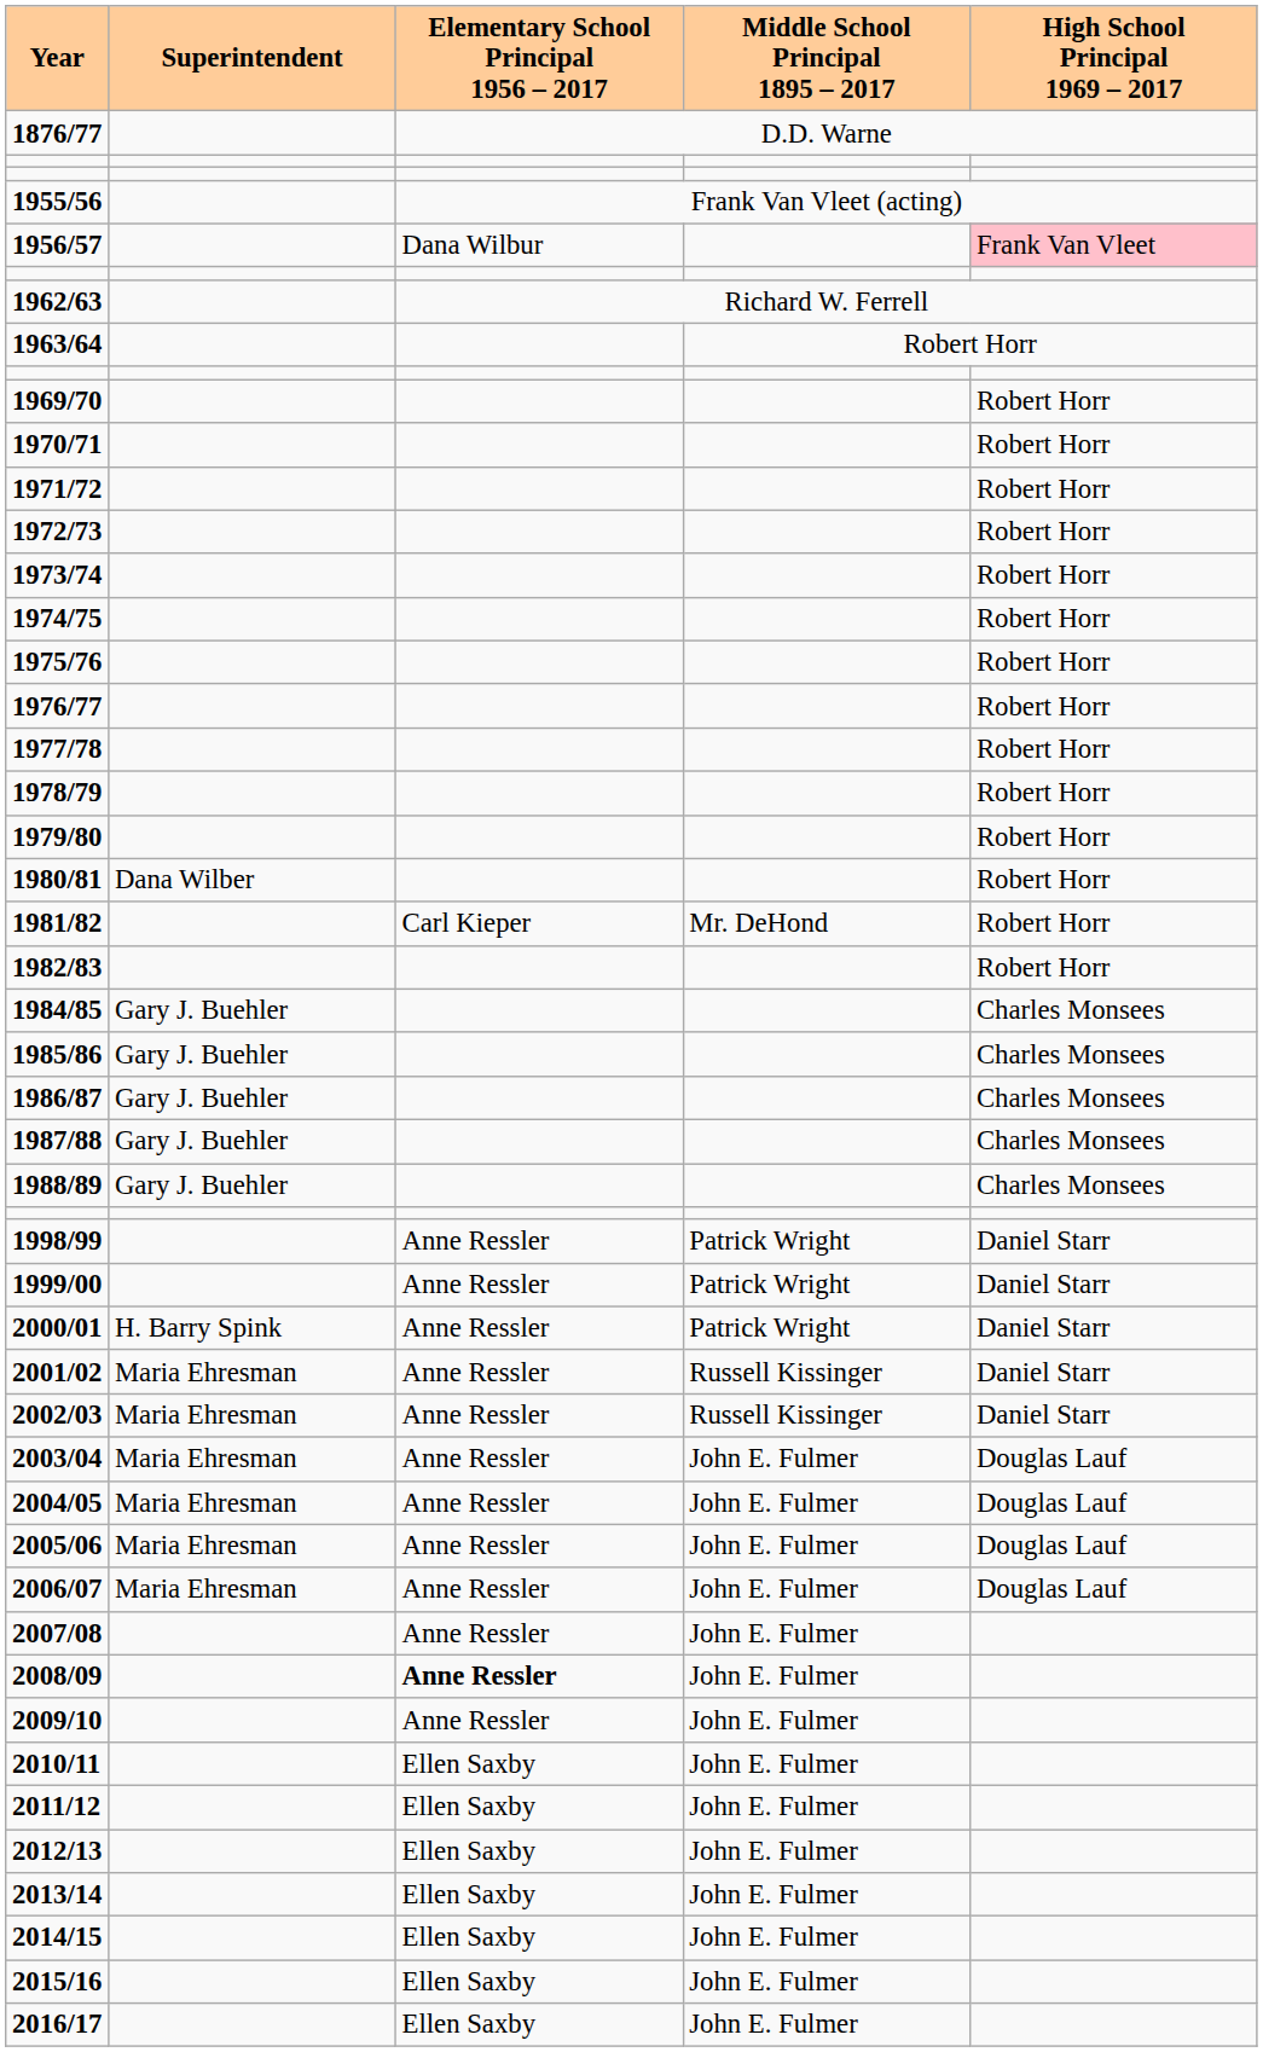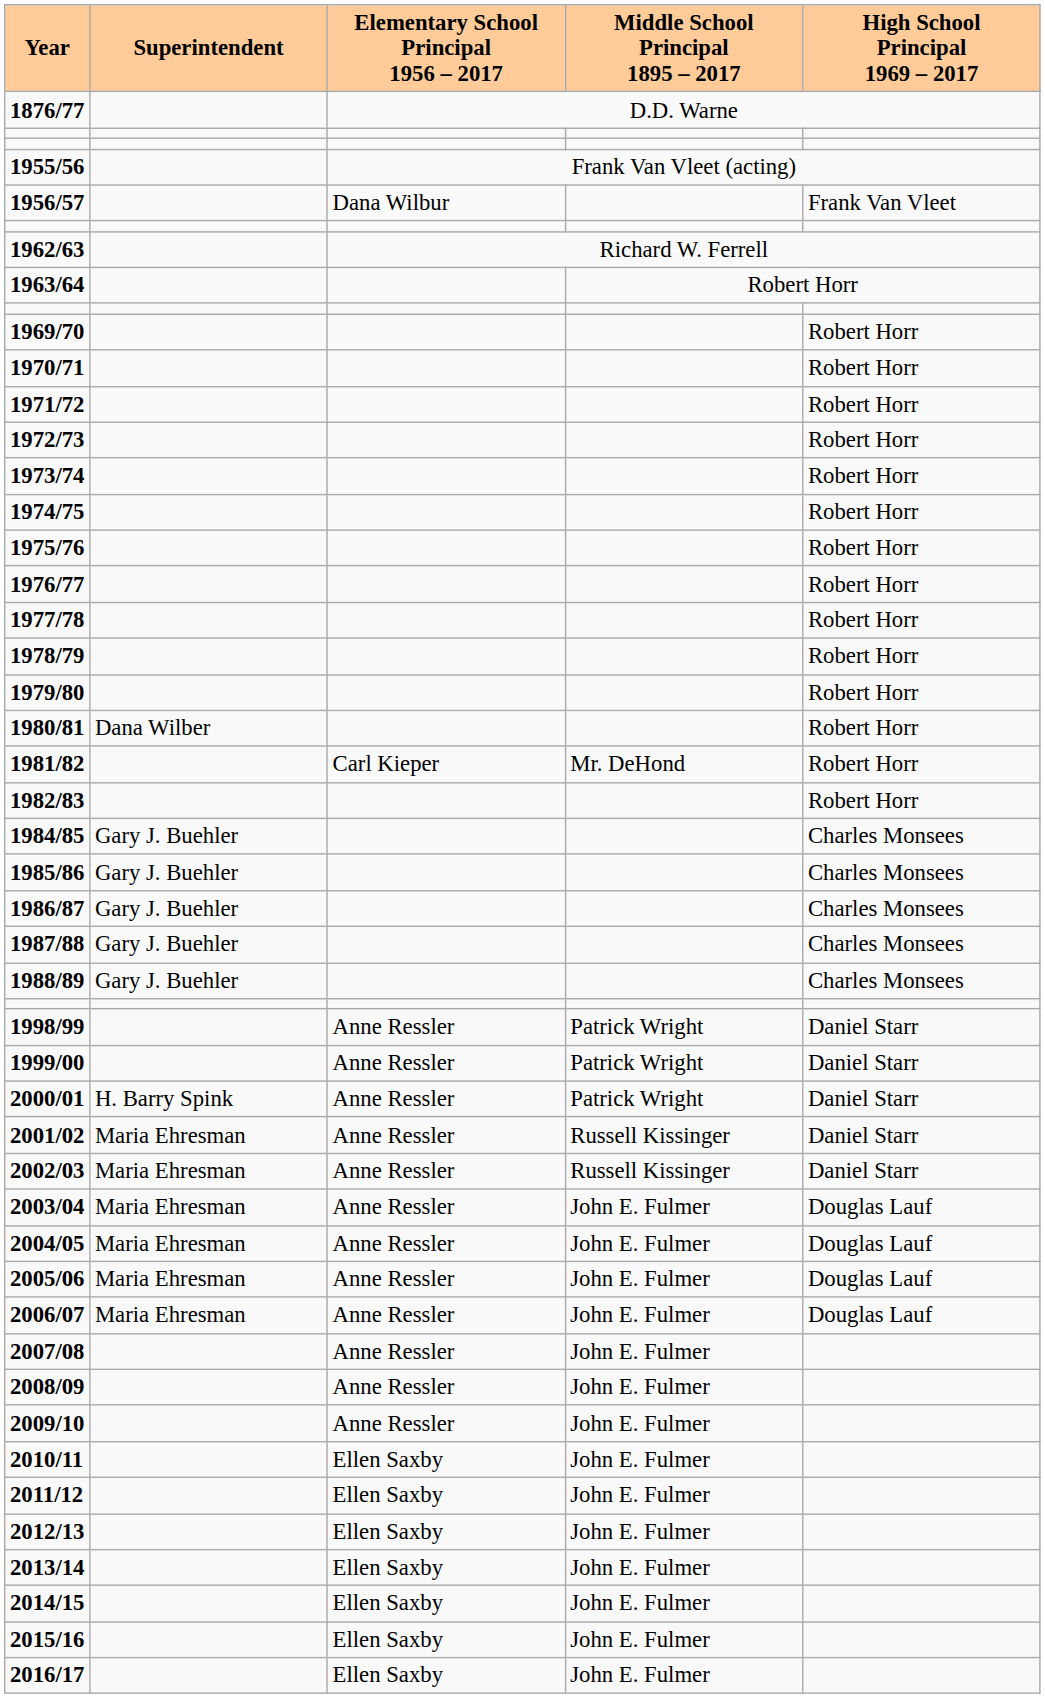 <table class="wikitable">
 <tr>
 <th width="50"  style="background:#FFCC99;">Year</th>
 <th width="160" style="background:#FFCC99;">Superintendent</th>
 <th width="160" style="background:#FFCC99;">Elementary School<br>Principal<br>1956 – 2017</th>
 <th width="160" style="background:#FFCC99;">Middle School<br>Principal<br>1895 – 2017</th>
 <th width="160" style="background:#FFCC99;">High School<br>Principal<br>1969 – 2017</th>
 </tr>
 <tr>
 <td><strong>1876/77</strong></td>
 <td></td>
 <td colspan="3" align="center">D.D. Warne</td>
 </tr>
 <tr>
 <td><strong>       </strong></td>
 <td></td>
 <td></td>
 <td></td>
 <td></td>
 </tr>
 <tr>
 <td><strong> </strong></td>
 <td></td>
 <td></td>
 <td></td>
 <td></td>
 </tr>
 <tr>
 <td><strong>1955/56</strong></td>
 <td></td>
 <td colspan="3" align="center">Frank Van Vleet (acting)</td>
 </tr>
 <tr>
 <td><strong>1956/57</strong></td>
 <td></td>
 <td>Dana Wilbur</td>
 <td></td>
-<td style="background: pink;">Frank Van Vleet</td>
+<td>Frank Van Vleet</td>
 </tr>
 <tr>
 <td><strong> </strong></td>
 <td></td>
 <td></td>
 <td></td>
 <td></td>
 </tr>
 <tr>
 <td><strong>1962/63</strong></td>
 <td></td>
 <td colspan="3" align="center">Richard W. Ferrell</td>
 </tr>
 <tr>
 <td><strong>1963/64</strong></td>
 <td></td>
 <td></td>
 <td colspan="2" align="center">Robert Horr </td>
 </tr>
 <tr>
 <td><strong> </strong></td>
 <td></td>
 <td></td>
 <td></td>
 <td></td>
 </tr>
 <tr>
 <td><strong>1969/70</strong></td>
 <td></td>
 <td></td>
 <td></td>
 <td>Robert Horr</td>
 </tr>
 <tr>
 <td><strong>1970/71</strong></td>
 <td></td>
 <td></td>
 <td></td>
 <td>Robert Horr</td>
 </tr>
 <tr>
 <td><strong>1971/72</strong></td>
 <td></td>
 <td></td>
 <td></td>
 <td>Robert Horr</td>
 </tr>
 <tr>
 <td><strong>1972/73</strong></td>
 <td></td>
 <td></td>
 <td></td>
 <td>Robert Horr</td>
 </tr>
 <tr>
 <td><strong>1973/74</strong></td>
 <td></td>
 <td></td>
 <td></td>
 <td>Robert Horr</td>
 </tr>
 <tr>
 <td><strong>1974/75</strong></td>
 <td></td>
 <td></td>
 <td></td>
 <td>Robert Horr</td>
 </tr>
 <tr>
 <td><strong>1975/76</strong></td>
 <td></td>
 <td></td>
 <td></td>
 <td>Robert Horr</td>
 </tr>
 <tr>
 <td><strong>1976/77</strong></td>
 <td></td>
 <td></td>
 <td></td>
 <td>Robert Horr</td>
 </tr>
 <tr>
 <td><strong>1977/78</strong></td>
 <td></td>
 <td></td>
 <td></td>
 <td>Robert Horr</td>
 </tr>
 <tr>
 <td><strong>1978/79</strong></td>
 <td></td>
 <td></td>
 <td></td>
 <td>Robert Horr</td>
 </tr>
 <tr>
 <td><strong>1979/80</strong></td>
 <td></td>
 <td></td>
 <td></td>
 <td>Robert Horr</td>
 </tr>
 <tr>
 <td><strong>1980/81</strong></td>
 <td>Dana Wilber</td>
 <td></td>
 <td></td>
 <td>Robert Horr</td>
 </tr>
 <tr>
 <td><strong>1981/82</strong></td>
 <td></td>
 <td>Carl Kieper</td>
 <td>Mr. DeHond</td>
 <td>Robert Horr</td>
 </tr>
 <tr>
 <td><strong>1982/83</strong></td>
 <td></td>
 <td></td>
 <td></td>
 <td>Robert Horr</td>
 </tr>
 <tr>
 <td><strong>1984/85</strong></td>
 <td>Gary J. Buehler</td>
 <td></td>
 <td></td>
 <td>Charles Monsees</td>
 </tr>
 <tr>
 <td><strong>1985/86</strong></td>
 <td>Gary J. Buehler</td>
 <td></td>
 <td></td>
 <td>Charles Monsees</td>
 </tr>
 <tr>
 <td><strong>1986/87</strong></td>
 <td>Gary J. Buehler</td>
 <td></td>
 <td></td>
 <td>Charles Monsees</td>
 </tr>
 <tr>
 <td><strong>1987/88</strong></td>
 <td>Gary J. Buehler</td>
 <td></td>
 <td></td>
 <td>Charles Monsees</td>
 </tr>
 <tr>
 <td><strong>1988/89</strong></td>
 <td>Gary J. Buehler</td>
 <td></td>
 <td></td>
 <td>Charles Monsees</td>
 </tr>
 <tr>
 <td><strong> </strong></td>
 <td></td>
 <td></td>
 <td></td>
 <td></td>
 </tr>
 <tr>
 <td><strong>1998/99</strong></td>
 <td></td>
 <td>Anne Ressler</td>
 <td>Patrick Wright</td>
 <td>Daniel Starr</td>
 </tr>
 <tr>
 <td><strong>1999/00</strong></td>
 <td></td>
 <td>Anne Ressler</td>
 <td>Patrick Wright</td>
 <td>Daniel Starr</td>
 </tr>
 <tr>
 <td><strong>2000/01</strong></td>
 <td>H. Barry Spink</td>
 <td>Anne Ressler</td>
 <td>Patrick Wright</td>
 <td>Daniel Starr</td>
 </tr>
 <tr>
 <td><strong>2001/02</strong></td>
 <td>Maria Ehresman</td>
 <td>Anne Ressler</td>
 <td>Russell Kissinger</td>
 <td>Daniel Starr</td>
 </tr>
 <tr>
 <td><strong>2002/03</strong></td>
 <td>Maria Ehresman</td>
 <td>Anne Ressler</td>
 <td>Russell Kissinger</td>
 <td>Daniel Starr</td>
 </tr>
 <tr>
 <td><strong>2003/04</strong></td>
 <td>Maria Ehresman</td>
 <td>Anne Ressler</td>
 <td>John E. Fulmer</td>
 <td>Douglas Lauf</td>
 </tr>
 <tr>
 <td><strong>2004/05</strong></td>
 <td>Maria Ehresman</td>
 <td>Anne Ressler</td>
 <td>John E. Fulmer</td>
 <td>Douglas Lauf</td>
 </tr>
 <tr>
 <td><strong>2005/06</strong></td>
 <td>Maria Ehresman</td>
 <td>Anne Ressler</td>
 <td>John E. Fulmer</td>
 <td>Douglas Lauf</td>
 </tr>
 <tr>
 <td><strong>2006/07</strong></td>
 <td>Maria Ehresman</td>
 <td>Anne Ressler</td>
 <td>John E. Fulmer</td>
 <td>Douglas Lauf</td>
 </tr>
 <tr>
 <td><strong>2007/08</strong></td>
 <td></td>
 <td>Anne Ressler</td>
 <td>John E. Fulmer</td>
 <td></td>
 </tr>
 <tr>
 <td><strong>2008/09</strong></td>
 <td></td>
-<td><strong>Anne Ressler</strong></td>
+<td>Anne Ressler</td>
 <td>John E. Fulmer</td>
 <td></td>
 </tr>
 <tr>
 <td><strong>2009/10</strong></td>
 <td></td>
 <td>Anne Ressler</td>
 <td>John E. Fulmer</td>
 <td></td>
 </tr>
 <tr>
 <td><strong>2010/11</strong></td>
 <td></td>
 <td>Ellen Saxby</td>
 <td>John E. Fulmer</td>
 <td></td>
 </tr>
 <tr>
 <td><strong>2011/12</strong></td>
 <td></td>
 <td>Ellen Saxby</td>
 <td>John E. Fulmer</td>
 <td></td>
 </tr>
 <tr>
 <td><strong>2012/13</strong></td>
 <td></td>
 <td>Ellen Saxby</td>
 <td>John E. Fulmer</td>
 <td></td>
 </tr>
 <tr>
 <td><strong>2013/14</strong></td>
 <td></td>
 <td>Ellen Saxby</td>
 <td>John E. Fulmer</td>
 <td></td>
 </tr>
 <tr>
 <td><strong>2014/15</strong></td>
 <td></td>
 <td>Ellen Saxby</td>
 <td>John E. Fulmer</td>
 <td></td>
 </tr>
 <tr>
 <td><strong>2015/16</strong></td>
 <td></td>
 <td>Ellen Saxby</td>
 <td>John E. Fulmer</td>
 <td></td>
 </tr>
 <tr>
 <td><strong>2016/17</strong></td>
 <td></td>
 <td>Ellen Saxby</td>
 <td>John E. Fulmer</td>
 <td></td>
 </tr>
 </table>
